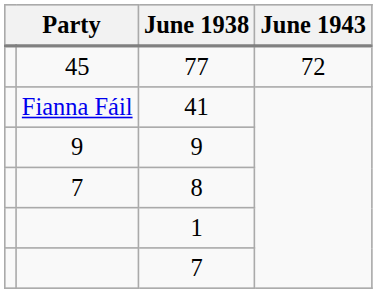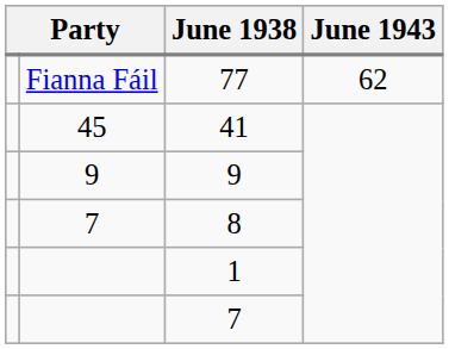 <table class="wikitable" style="font-size: 95%;">
 <tr style="background-color:#E9E9E9; border-bottom: 2px solid gray;">
 <th colspan=2>Party</th>
 <th>June 1938</th>
 <th>June 1943</th>
 </tr>
 <tr>
 <td style="background-color: "></td>
-<td align="center">45</td>
+<td><a href='#'>Fianna Fáil</a></td>
 <td align="center">77</td>
-<td align="center">72</td>
+<td align="center">62</td>
 </tr>
 <tr>
 <td></td>
-<td><a href='#'>Fianna Fáil</a></td>
+<td align="center">45</td>
 <td align="center">41</td>
 </tr>
 <tr>
 <td></td>
 <td align="center">9</td>
 <td align="center">9</td>
 </tr>
 <tr>
 <td></td>
 <td align="center">7</td>
 <td align="center">8</td>
 </tr>
 <tr>
 <td></td>
 <td></td>
 <td align="center">1</td>
 </tr>
 <tr>
 <td></td>
 <td></td>
 <td align="center">7</td>
 </tr>
 </table>
